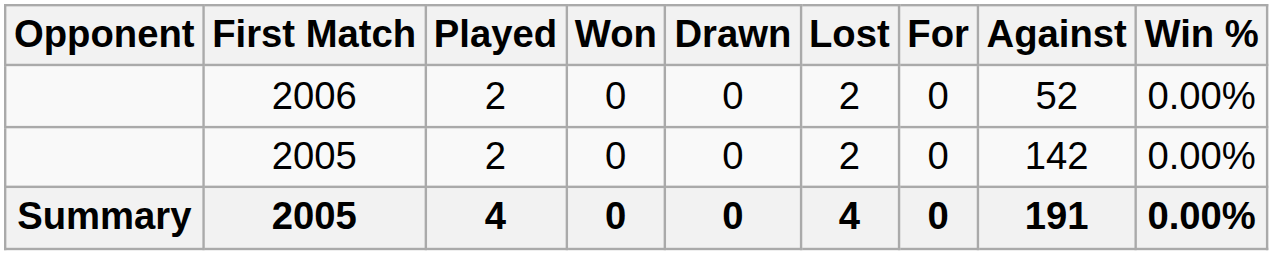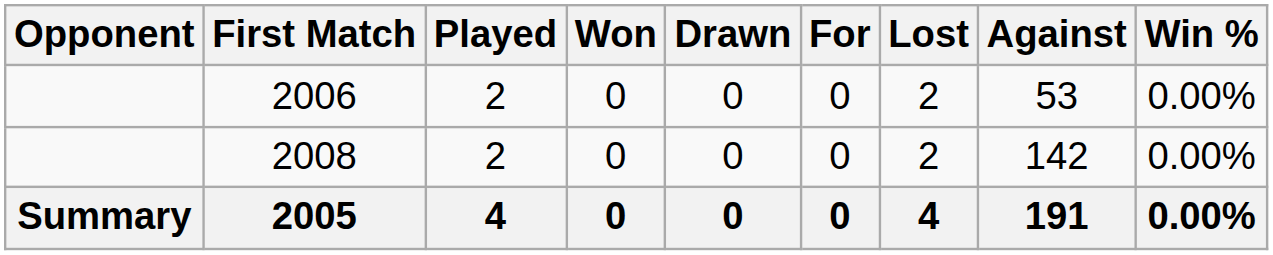 <table class="wikitable sortable" style="text-align:center;">
 <tr>
 <th>Opponent</th>
 <th>First Match</th>
 <th>Played</th>
 <th>Won</th>
 <th>Drawn</th>
+<th>For</th>
 <th>Lost</th>
-<th>For</th>
 <th>Against</th>
 <th>Win %</th>
 </tr>
 <tr>
 <td style="text-align: left;"></td>
 <td>2006</td>
 <td>2</td>
 <td>0</td>
 <td>0</td>
+<td>0</td>
 <td>2</td>
-<td>0</td>
-<td>52</td>
+<td>53</td>
 <td>0.00%</td>
 </tr>
 <tr>
 <td style="text-align: left;"></td>
-<td>2005</td>
+<td>2008</td>
 <td>2</td>
 <td>0</td>
 <td>0</td>
+<td>0</td>
 <td>2</td>
-<td>0</td>
 <td>142</td>
 <td>0.00%</td>
 </tr>
 <tr>
 <th>Summary</th>
 <th>2005</th>
 <th>4</th>
 <th>0</th>
 <th>0</th>
+<th>0</th>
 <th>4</th>
-<th>0</th>
 <th>191</th>
 <th>0.00%</th>
 </tr>
 </table>
